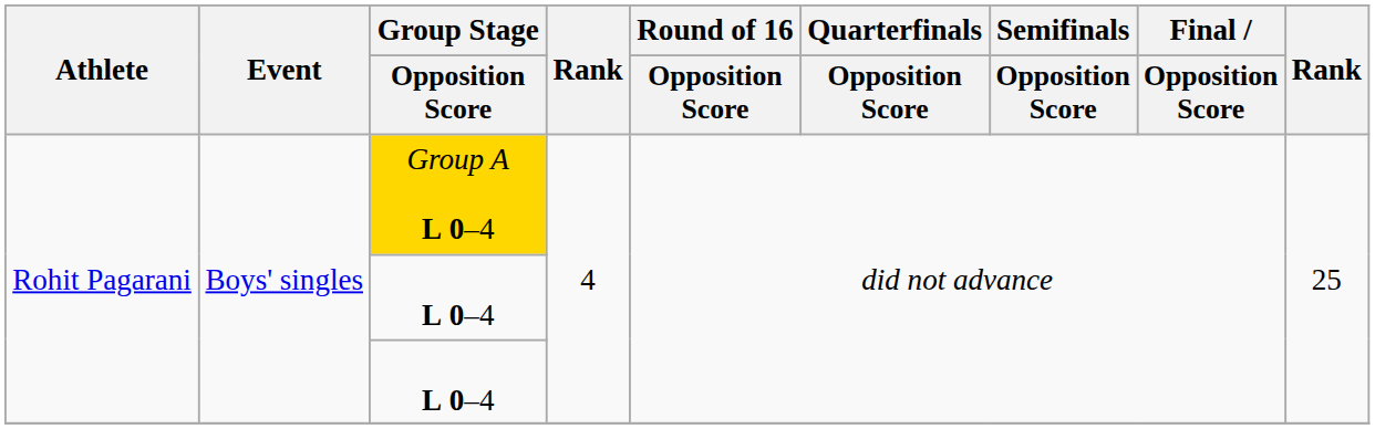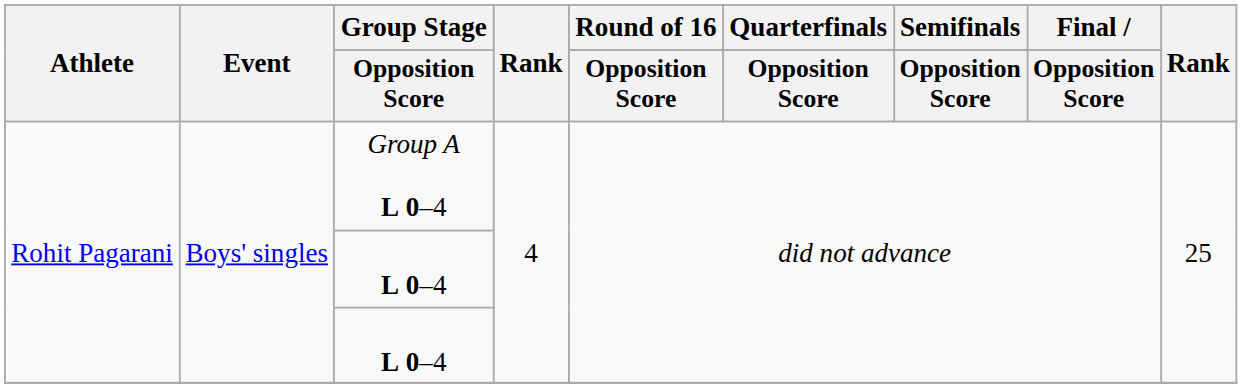 <table class=wikitable style="font-size:90%">
 <tr>
 <th rowspan="2">Athlete</th>
 <th rowspan="2">Event</th>
 <th>Group Stage</th>
 <th rowspan="2">Rank</th>
 <th>Round of 16</th>
 <th>Quarterfinals</th>
 <th>Semifinals</th>
 <th>Final / </th>
 <th rowspan=2>Rank</th>
 </tr>
 <tr style="font-size:95%">
 <th>Opposition<br>Score</th>
 <th>Opposition<br>Score</th>
 <th>Opposition<br>Score</th>
 <th>Opposition<br>Score</th>
 <th>Opposition<br>Score</th>
 </tr>
 <tr align=center>
 <td align=left rowspan=3><a href='#'>Rohit Pagarani</a></td>
 <td align=left rowspan=3><a href='#'>Boys' singles</a></td>
-<td style="background: gold;"><em>Group A</em><br> <br> <strong>L</strong> <strong>0</strong>–4</td>
+<td><em>Group A</em><br> <br> <strong>L</strong> <strong>0</strong>–4</td>
 <td rowspan=3>4</td>
 <td rowspan=3 colspan=4><em>did not advance</em></td>
 <td rowspan=3>25</td>
 </tr>
 <tr align=center>
 <td> <br> <strong>L</strong> <strong>0</strong>–4</td>
 </tr>
 <tr align=center>
 <td> <br> <strong>L</strong> <strong>0</strong>–4</td>
 </tr>
 <tr align=center>
 </tr>
 </table>
